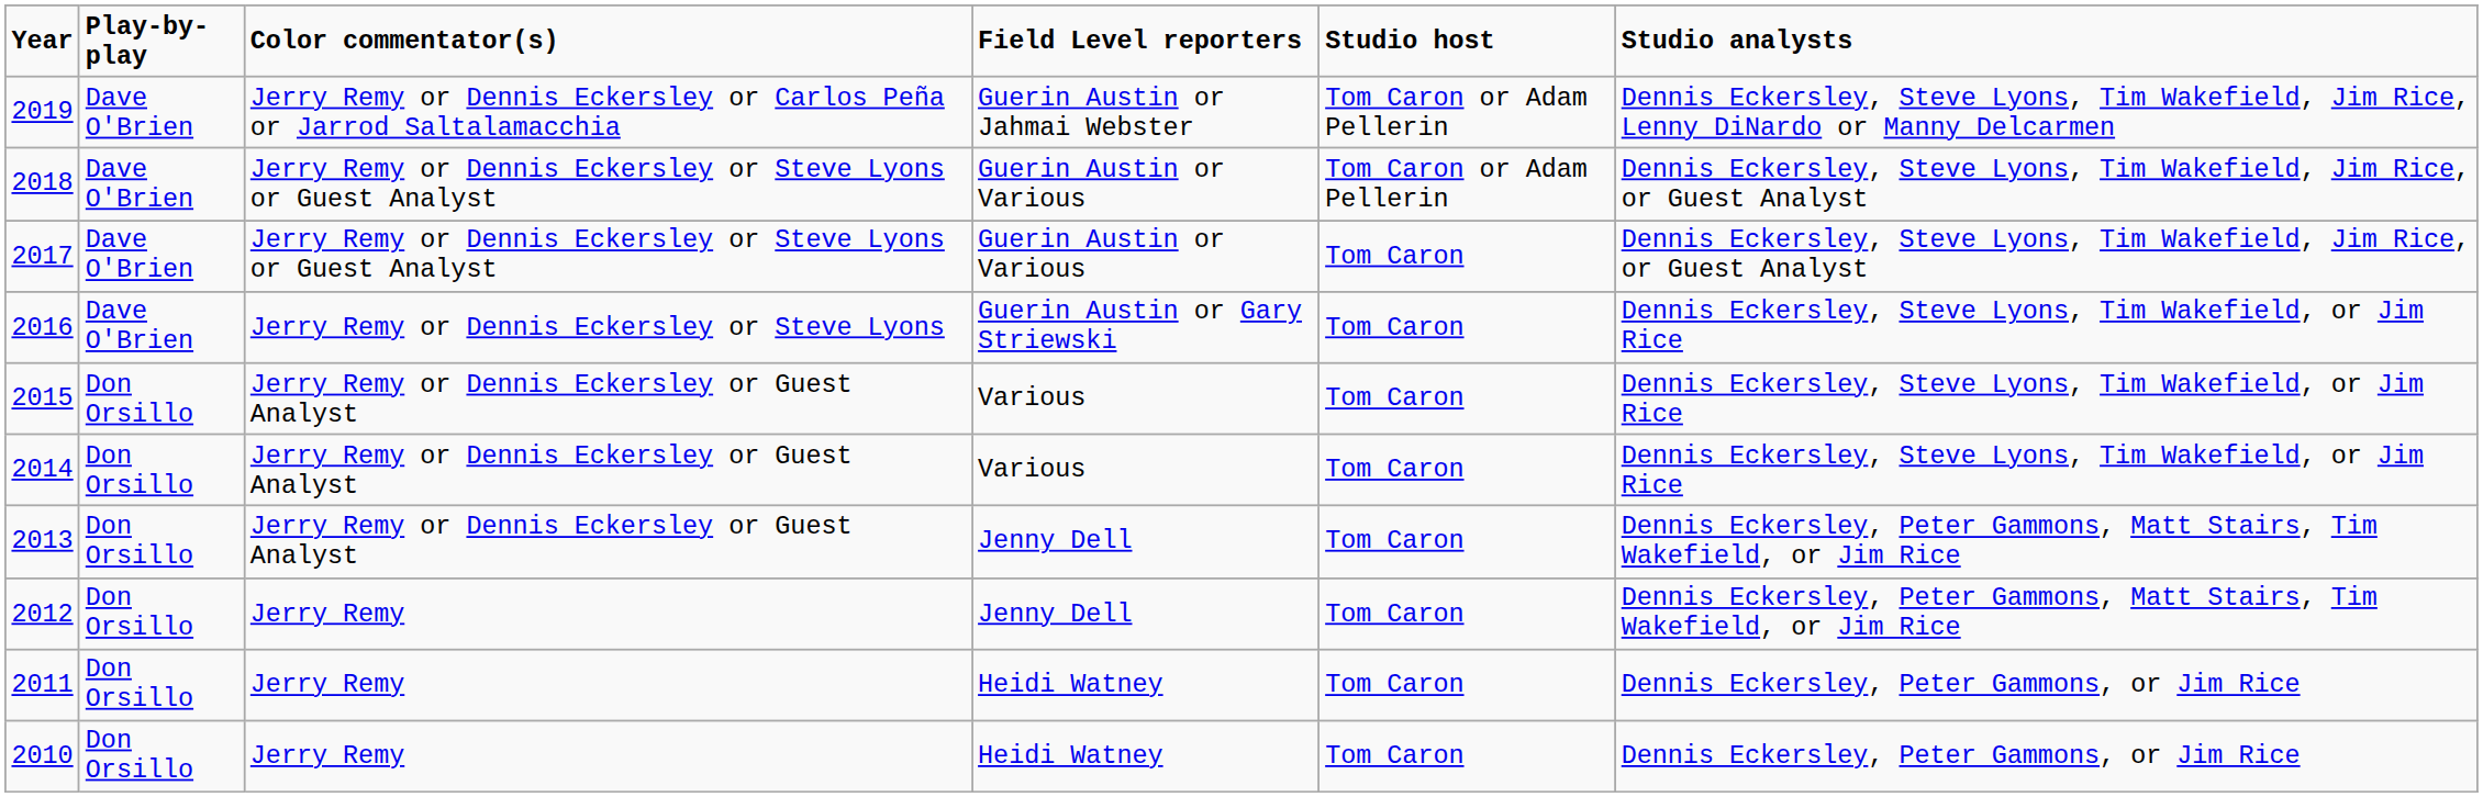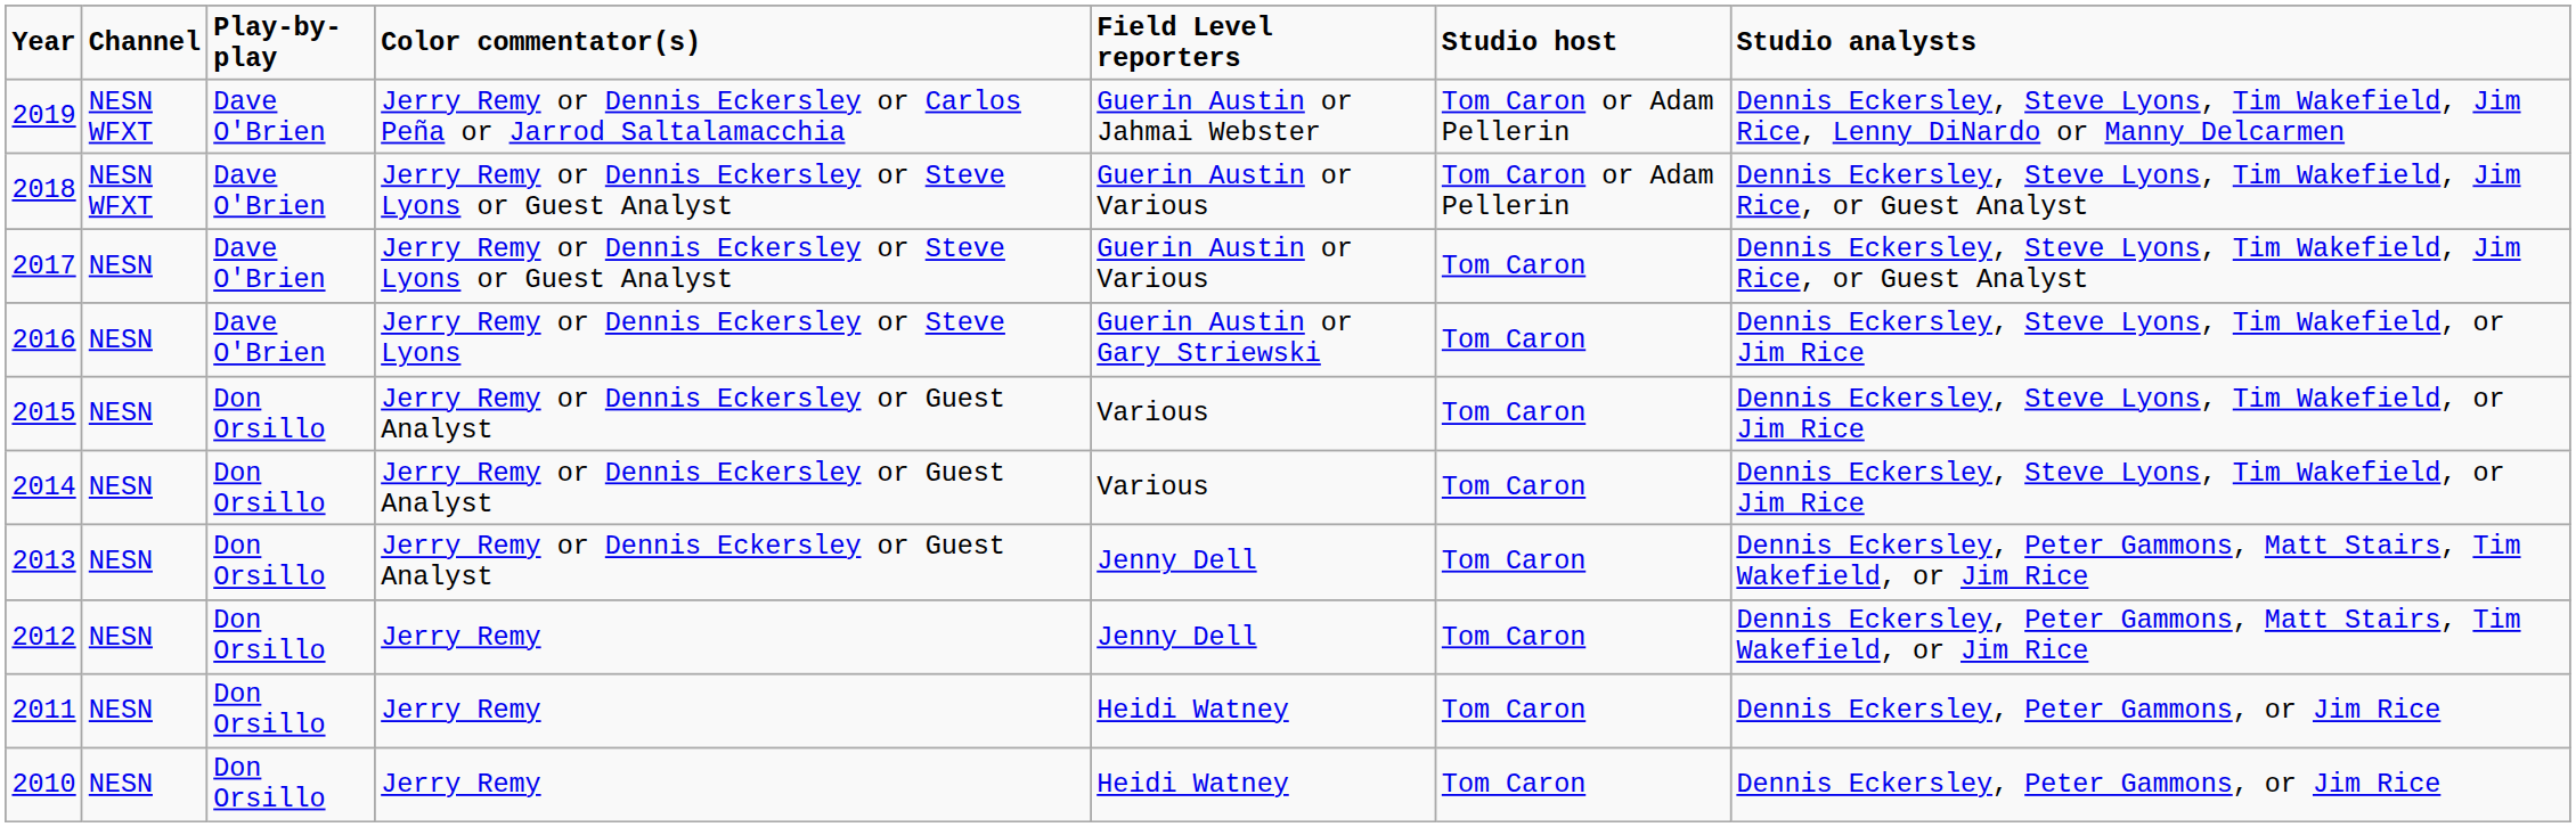 <table class="wikitable">
 <tr>
 <td><strong>Year</strong></td>
+<td><strong>Channel</strong></td>
 <td><strong>Play-by-play</strong></td>
 <td><strong>Color commentator(s)</strong></td>
 <td><strong>Field Level reporters</strong></td>
 <td><strong>Studio host</strong></td>
 <td><strong>Studio analysts</strong></td>
 </tr>
 <tr>
 <td><a href='#'>2019</a></td>
+<td><a href='#'>NESN</a><br><a href='#'>WFXT</a> </td>
 <td><a href='#'>Dave O'Brien</a></td>
 <td><a href='#'>Jerry Remy</a> or <a href='#'>Dennis Eckersley</a> or <a href='#'>Carlos Peña</a> or <a href='#'>Jarrod Saltalamacchia</a></td>
 <td><a href='#'>Guerin Austin</a> or Jahmai Webster</td>
 <td><a href='#'>Tom Caron</a> or Adam Pellerin</td>
 <td><a href='#'>Dennis Eckersley</a>, <a href='#'>Steve Lyons</a>, <a href='#'>Tim Wakefield</a>, <a href='#'>Jim Rice</a>, <a href='#'>Lenny DiNardo</a> or <a href='#'>Manny Delcarmen</a></td>
 </tr>
 <tr>
 <td><a href='#'>2018</a></td>
+<td><a href='#'>NESN</a><br><a href='#'>WFXT</a> </td>
 <td><a href='#'>Dave O'Brien</a></td>
 <td><a href='#'>Jerry Remy</a> or <a href='#'>Dennis Eckersley</a> or <a href='#'>Steve Lyons</a> or Guest Analyst</td>
 <td><a href='#'>Guerin Austin</a> or Various</td>
 <td><a href='#'>Tom Caron</a> or Adam Pellerin</td>
 <td><a href='#'>Dennis Eckersley</a>, <a href='#'>Steve Lyons</a>, <a href='#'>Tim Wakefield</a>, <a href='#'>Jim Rice</a>, or Guest Analyst</td>
 </tr>
 <tr>
 <td><a href='#'>2017</a></td>
+<td><a href='#'>NESN</a></td>
 <td><a href='#'>Dave O'Brien</a></td>
 <td><a href='#'>Jerry Remy</a> or <a href='#'>Dennis Eckersley</a> or <a href='#'>Steve Lyons</a> or Guest Analyst</td>
 <td><a href='#'>Guerin Austin</a> or Various</td>
 <td><a href='#'>Tom Caron</a></td>
 <td><a href='#'>Dennis Eckersley</a>, <a href='#'>Steve Lyons</a>, <a href='#'>Tim Wakefield</a>, <a href='#'>Jim Rice</a>, or Guest Analyst</td>
 </tr>
 <tr>
 <td><a href='#'>2016</a></td>
+<td><a href='#'>NESN</a></td>
 <td><a href='#'>Dave O'Brien</a></td>
 <td><a href='#'>Jerry Remy</a> or <a href='#'>Dennis Eckersley</a> or <a href='#'>Steve Lyons</a></td>
 <td><a href='#'>Guerin Austin</a> or <a href='#'>Gary Striewski</a></td>
 <td><a href='#'>Tom Caron</a></td>
 <td><a href='#'>Dennis Eckersley</a>, <a href='#'>Steve Lyons</a>, <a href='#'>Tim Wakefield</a>, or <a href='#'>Jim Rice</a></td>
 </tr>
 <tr>
 <td><a href='#'>2015</a></td>
+<td><a href='#'>NESN</a></td>
 <td><a href='#'>Don Orsillo</a></td>
 <td><a href='#'>Jerry Remy</a> or <a href='#'>Dennis Eckersley</a> or Guest Analyst</td>
 <td>Various</td>
 <td><a href='#'>Tom Caron</a></td>
 <td><a href='#'>Dennis Eckersley</a>, <a href='#'>Steve Lyons</a>, <a href='#'>Tim Wakefield</a>, or <a href='#'>Jim Rice</a></td>
 </tr>
 <tr>
 <td><a href='#'>2014</a></td>
+<td><a href='#'>NESN</a></td>
 <td><a href='#'>Don Orsillo</a></td>
 <td><a href='#'>Jerry Remy</a> or <a href='#'>Dennis Eckersley</a> or Guest Analyst</td>
 <td>Various</td>
 <td><a href='#'>Tom Caron</a></td>
 <td><a href='#'>Dennis Eckersley</a>, <a href='#'>Steve Lyons</a>, <a href='#'>Tim Wakefield</a>, or <a href='#'>Jim Rice</a></td>
 </tr>
 <tr>
 <td><a href='#'>2013</a></td>
+<td><a href='#'>NESN</a></td>
 <td><a href='#'>Don Orsillo</a></td>
 <td><a href='#'>Jerry Remy</a> or <a href='#'>Dennis Eckersley</a> or Guest Analyst</td>
 <td><a href='#'>Jenny Dell</a></td>
 <td><a href='#'>Tom Caron</a></td>
 <td><a href='#'>Dennis Eckersley</a>, <a href='#'>Peter Gammons</a>, <a href='#'>Matt Stairs</a>, <a href='#'>Tim Wakefield</a>, or <a href='#'>Jim Rice</a></td>
 </tr>
 <tr>
 <td><a href='#'>2012</a></td>
+<td><a href='#'>NESN</a></td>
 <td><a href='#'>Don Orsillo</a></td>
 <td><a href='#'>Jerry Remy</a></td>
 <td><a href='#'>Jenny Dell</a></td>
 <td><a href='#'>Tom Caron</a></td>
 <td><a href='#'>Dennis Eckersley</a>, <a href='#'>Peter Gammons</a>, <a href='#'>Matt Stairs</a>, <a href='#'>Tim Wakefield</a>, or <a href='#'>Jim Rice</a></td>
 </tr>
 <tr>
 <td><a href='#'>2011</a></td>
+<td><a href='#'>NESN</a></td>
 <td><a href='#'>Don Orsillo</a></td>
 <td><a href='#'>Jerry Remy</a></td>
 <td><a href='#'>Heidi Watney</a></td>
 <td><a href='#'>Tom Caron</a></td>
 <td><a href='#'>Dennis Eckersley</a>, <a href='#'>Peter Gammons</a>, or <a href='#'>Jim Rice</a></td>
 </tr>
 <tr>
 <td><a href='#'>2010</a></td>
+<td><a href='#'>NESN</a></td>
 <td><a href='#'>Don Orsillo</a></td>
 <td><a href='#'>Jerry Remy</a></td>
 <td><a href='#'>Heidi Watney</a></td>
 <td><a href='#'>Tom Caron</a></td>
 <td><a href='#'>Dennis Eckersley</a>, <a href='#'>Peter Gammons</a>, or <a href='#'>Jim Rice</a></td>
 </tr>
 </table>
